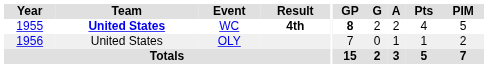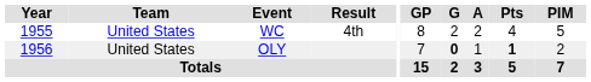 <table border="0" cellpadding="1" cellspacing="0" ID="Table3" style="text-align:center; width:40em">
 <tr bgcolor="#e0e0e0">
 <th>Year</th>
 <th>Team</th>
 <th>Event</th>
 <th>Result</th>
 <th rowspan="99" bgcolor="#ffffff"></th>
 <th>GP</th>
 <th>G</th>
 <th>A</th>
 <th>Pts</th>
 <th>PIM</th>
 </tr>
 <tr>
 <td><a href='#'>1955</a></td>
-<td><strong><a href='#'>United States</a></strong></td>
+<td><a href='#'>United States</a></td>
 <td><a href='#'>WC</a></td>
-<td><strong>4th</strong></td>
-<td><strong>8</strong></td>
+<td>4th</td>
+<td>8</td>
 <td>2</td>
 <td>2</td>
 <td>4</td>
 <td>5</td>
 </tr>
 <tr bgcolor="#f0f0f0">
 <td><a href='#'>1956</a></td>
 <td>United States</td>
 <td><a href='#'>OLY</a></td>
 <td></td>
 <td>7</td>
-<td>0</td>
+<td><strong>0</strong></td>
 <td>1</td>
-<td>1</td>
+<td><strong>1</strong></td>
 <td>2</td>
 </tr>
 <tr bgcolor="#e0e0e0">
 <th colspan="4">Totals</th>
 <th>15</th>
 <th>2</th>
 <th>3</th>
 <th>5</th>
 <th>7</th>
 </tr>
 </table>
